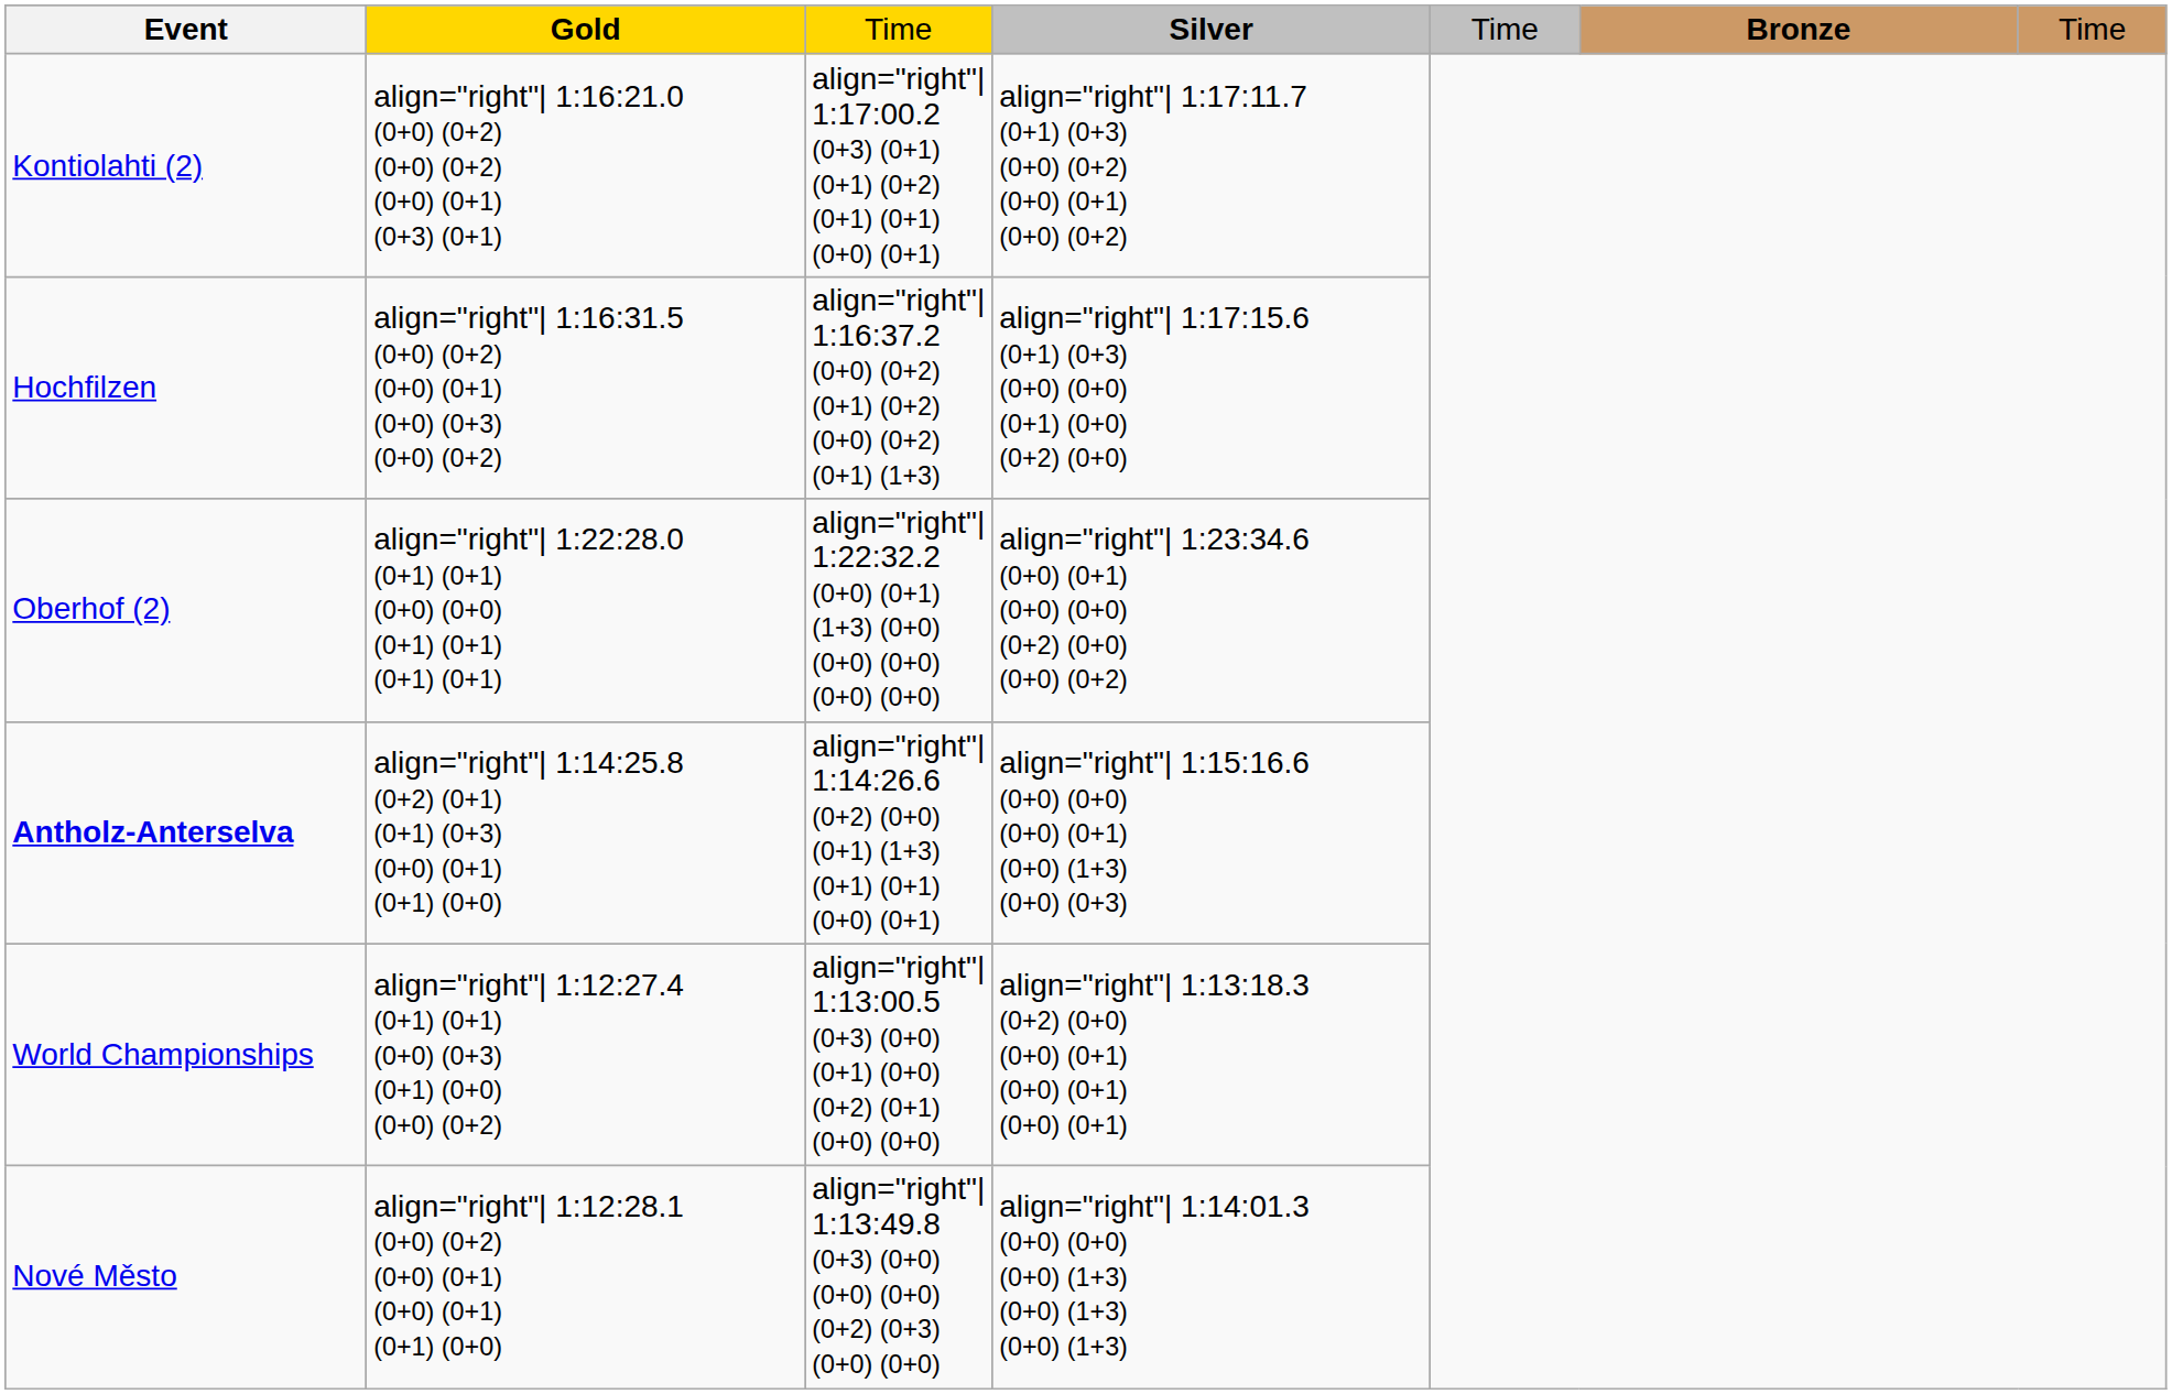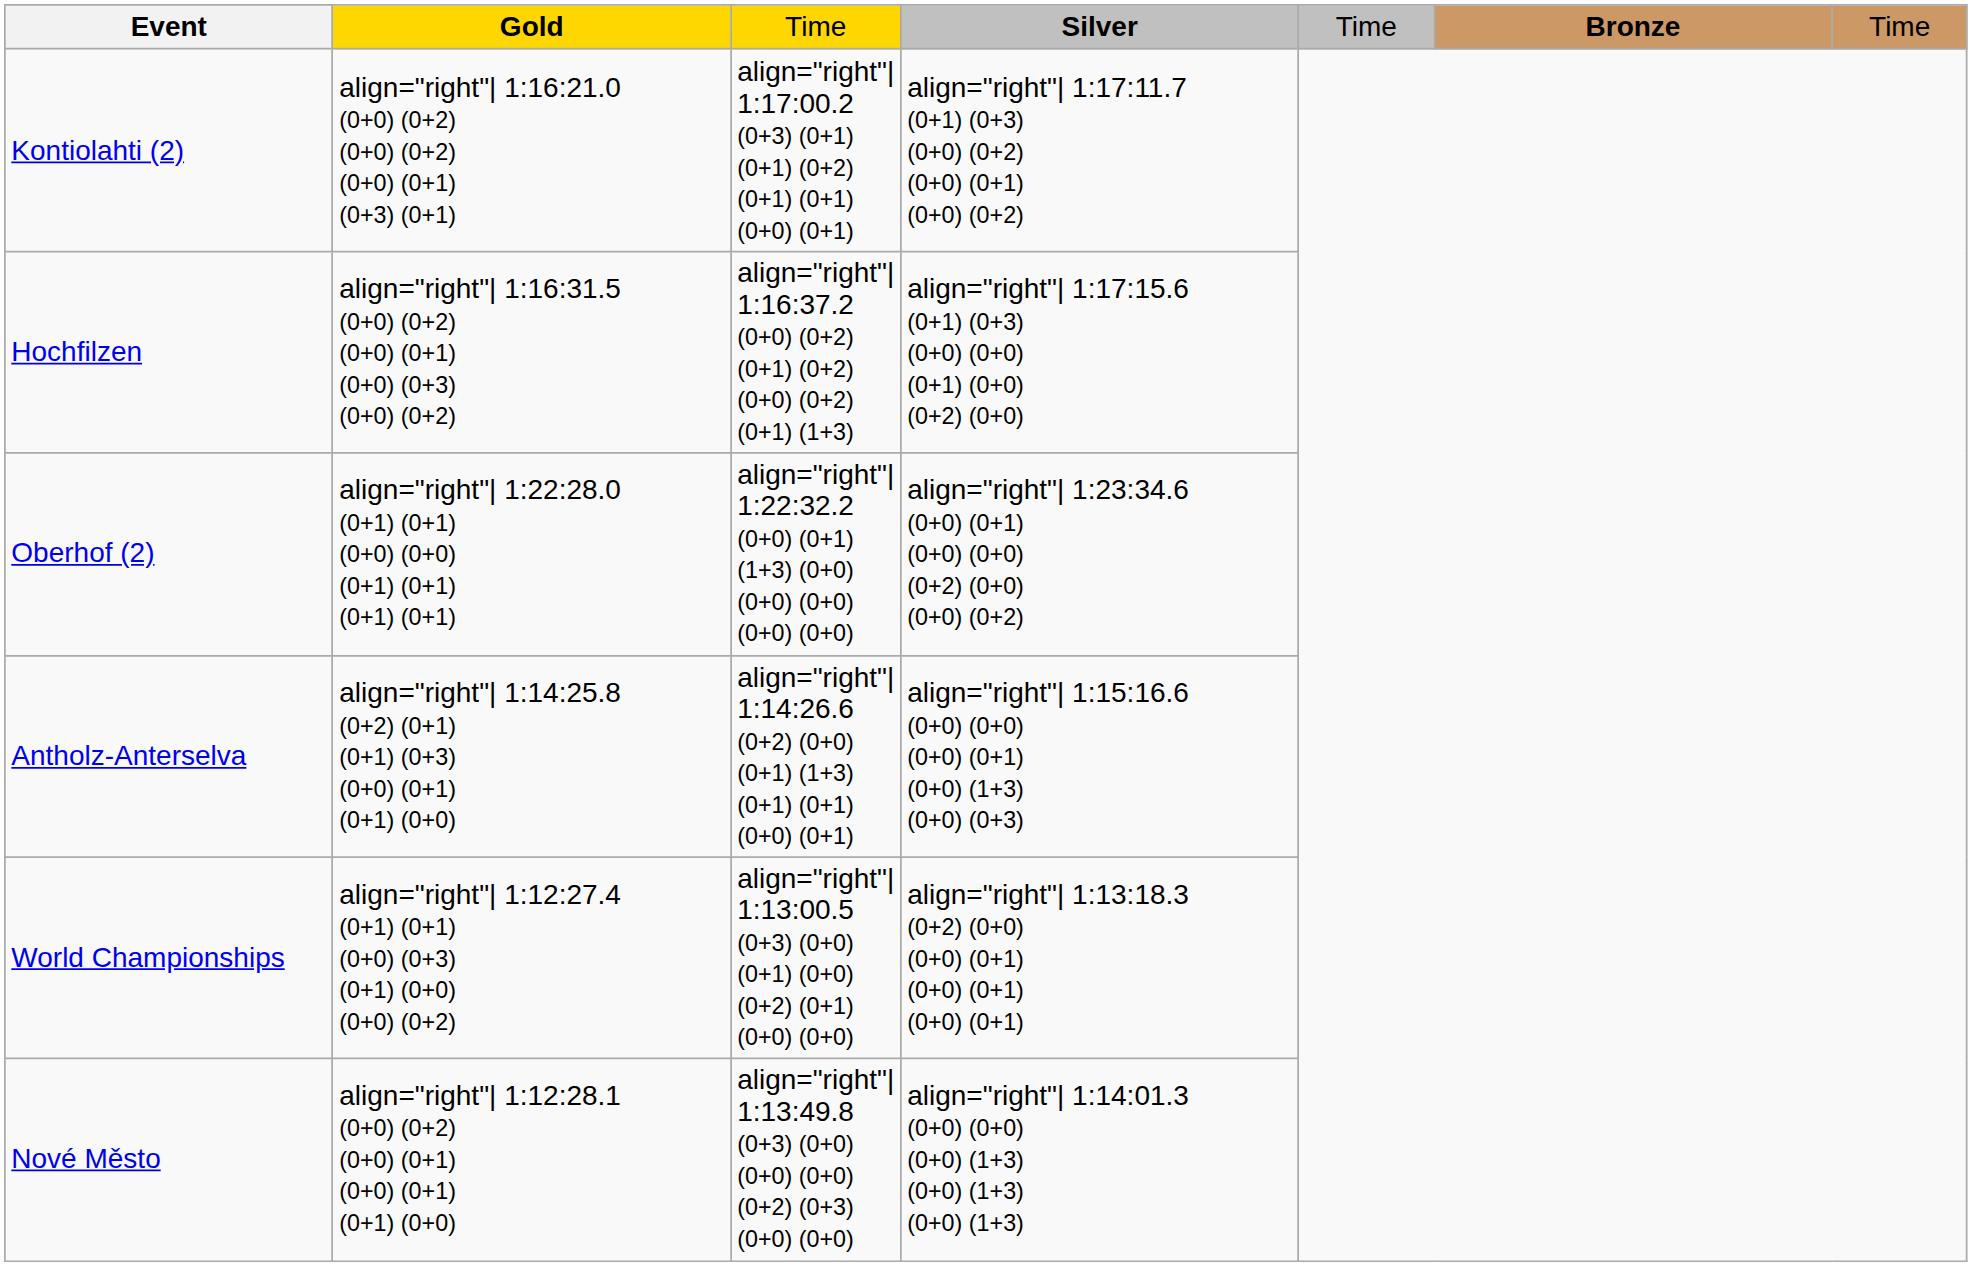 <table class="wikitable">
 <tr>
 <th width="180">Event</th>
 <th width="220" style="background:gold">Gold</th>
 <th width="70" style="background:gold;font-weight:normal">Time</th>
 <th width="220" style="background:silver">Silver</th>
 <th width="70" style="background:silver;font-weight:normal">Time</th>
 <th width="220" style="background:#CC9966">Bronze</th>
 <th width="70" style="background:#CC9966;font-weight:normal">Time</th>
 </tr>
 <tr>
 <td><a href='#'>Kontiolahti (2)</a><br></td>
 <td>align="right"| 1:16:21.0<small><br>(0+0) (0+2)<br>(0+0) (0+2)<br>(0+0) (0+1)<br>(0+3) (0+1)</small></td>
 <td>align="right"| 1:17:00.2<small><br>(0+3) (0+1)<br>(0+1) (0+2)<br>(0+1) (0+1)<br>(0+0) (0+1)</small></td>
 <td>align="right"| 1:17:11.7<small><br>(0+1) (0+3)<br>(0+0) (0+2)<br>(0+0) (0+1)<br>(0+0) (0+2)</small></td>
 </tr>
 <tr>
 <td><a href='#'>Hochfilzen</a><br></td>
 <td>align="right"| 1:16:31.5<small><br>(0+0) (0+2)<br>(0+0) (0+1)<br>(0+0) (0+3)<br>(0+0) (0+2)</small></td>
 <td>align="right"| 1:16:37.2<small><br>(0+0) (0+2)<br>(0+1) (0+2)<br>(0+0) (0+2)<br>(0+1) (1+3)</small></td>
 <td>align="right"| 1:17:15.6<small><br>(0+1) (0+3)<br>(0+0) (0+0)<br>(0+1) (0+0)<br>(0+2) (0+0)</small></td>
 </tr>
 <tr>
 <td><a href='#'>Oberhof (2)</a><br></td>
 <td>align="right"| 1:22:28.0<small><br>(0+1) (0+1)<br>(0+0) (0+0)<br>(0+1) (0+1)<br>(0+1) (0+1)</small></td>
 <td>align="right"| 1:22:32.2<small><br>(0+0) (0+1)<br>(1+3) (0+0)<br>(0+0) (0+0)<br>(0+0) (0+0)</small></td>
 <td>align="right"| 1:23:34.6<small><br>(0+0) (0+1)<br>(0+0) (0+0)<br>(0+2) (0+0)<br>(0+0) (0+2)</small></td>
 </tr>
 <tr>
-<td><strong><a href='#'>Antholz-Anterselva</a><br></strong></td>
+<td><a href='#'>Antholz-Anterselva</a><br></td>
 <td>align="right"| 1:14:25.8<small><br>(0+2) (0+1)<br>(0+1) (0+3)<br>(0+0) (0+1)<br>(0+1) (0+0)</small></td>
 <td>align="right"| 1:14:26.6<small><br>(0+2) (0+0)<br>(0+1) (1+3)<br>(0+1) (0+1)<br>(0+0) (0+1)</small></td>
 <td>align="right"| 1:15:16.6<small><br>(0+0) (0+0)<br>(0+0) (0+1)<br>(0+0) (1+3)<br>(0+0) (0+3)</small></td>
 </tr>
 <tr>
 <td><a href='#'>World Championships</a><br></td>
 <td>align="right"| 1:12:27.4<br><small>(0+1) (0+1)<br>(0+0) (0+3)<br>(0+1) (0+0)<br>(0+0) (0+2)</small></td>
 <td>align="right"| 1:13:00.5<br><small>(0+3) (0+0)<br>(0+1) (0+0)<br>(0+2) (0+1)<br>(0+0) (0+0)</small></td>
 <td>align="right"| 1:13:18.3<br><small>(0+2) (0+0)<br>(0+0) (0+1)<br>(0+0) (0+1)<br>(0+0) (0+1)</small></td>
 </tr>
 <tr>
 <td><a href='#'>Nové Město</a><br></td>
 <td>align="right"| 1:12:28.1<small><br>(0+0) (0+2)<br>(0+0) (0+1)<br>(0+0) (0+1)<br>(0+1) (0+0)</small></td>
 <td>align="right"| 1:13:49.8<small><br>(0+3) (0+0)<br>(0+0) (0+0)<br>(0+2) (0+3)<br>(0+0) (0+0)</small></td>
 <td>align="right"| 1:14:01.3<small><br>(0+0) (0+0)<br>(0+0) (1+3)<br>(0+0) (1+3)<br>(0+0) (1+3)</small></td>
 </tr>
 </table>
